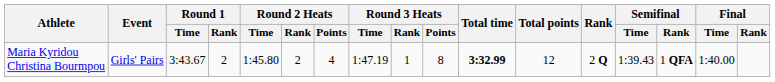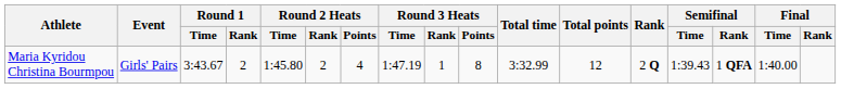 <table class="wikitable" style="font-size:90%">
 <tr>
 <th rowspan="2">Athlete</th>
 <th rowspan="2">Event</th>
 <th colspan="2">Round 1</th>
 <th colspan="3">Round 2 Heats</th>
 <th colspan="3">Round 3 Heats</th>
 <th rowspan="2">Total time</th>
 <th rowspan="2">Total points</th>
 <th rowspan="2">Rank</th>
 <th colspan="2">Semifinal</th>
 <th colspan="2">Final</th>
 </tr>
 <tr style="font-size:95%">
 <th>Time</th>
 <th>Rank</th>
 <th>Time</th>
 <th>Rank</th>
 <th>Points</th>
 <th>Time</th>
 <th>Rank</th>
 <th>Points</th>
 <th>Time</th>
 <th>Rank</th>
 <th>Time</th>
 <th>Rank</th>
 </tr>
 <tr align=center>
 <td align=left><a href='#'>Maria Kyridou</a><br><a href='#'>Christina Bourmpou</a></td>
 <td align=left><a href='#'>Girls' Pairs</a></td>
 <td>3:43.67</td>
 <td>2</td>
 <td>1:45.80</td>
 <td>2</td>
 <td>4</td>
 <td>1:47.19</td>
 <td>1</td>
 <td>8</td>
-<td><strong>3:32.99</strong></td>
+<td>3:32.99</td>
 <td>12</td>
 <td>2 <strong>Q</strong></td>
 <td>1:39.43</td>
 <td>1 <strong>QFA</strong></td>
 <td>1:40.00</td>
 <td></td>
 </tr>
 </table>
